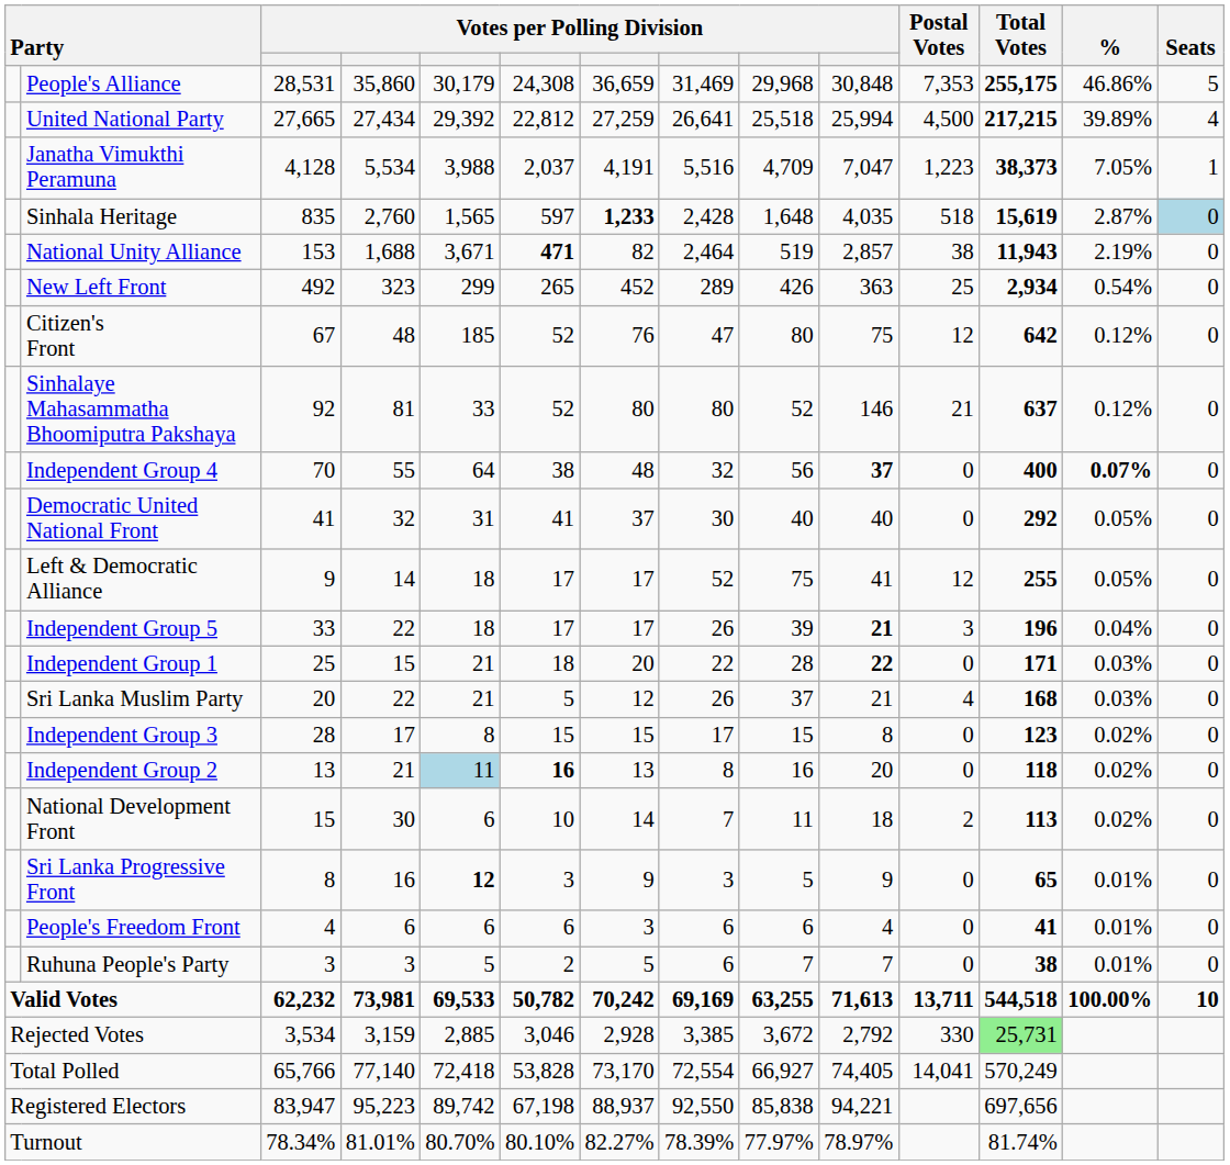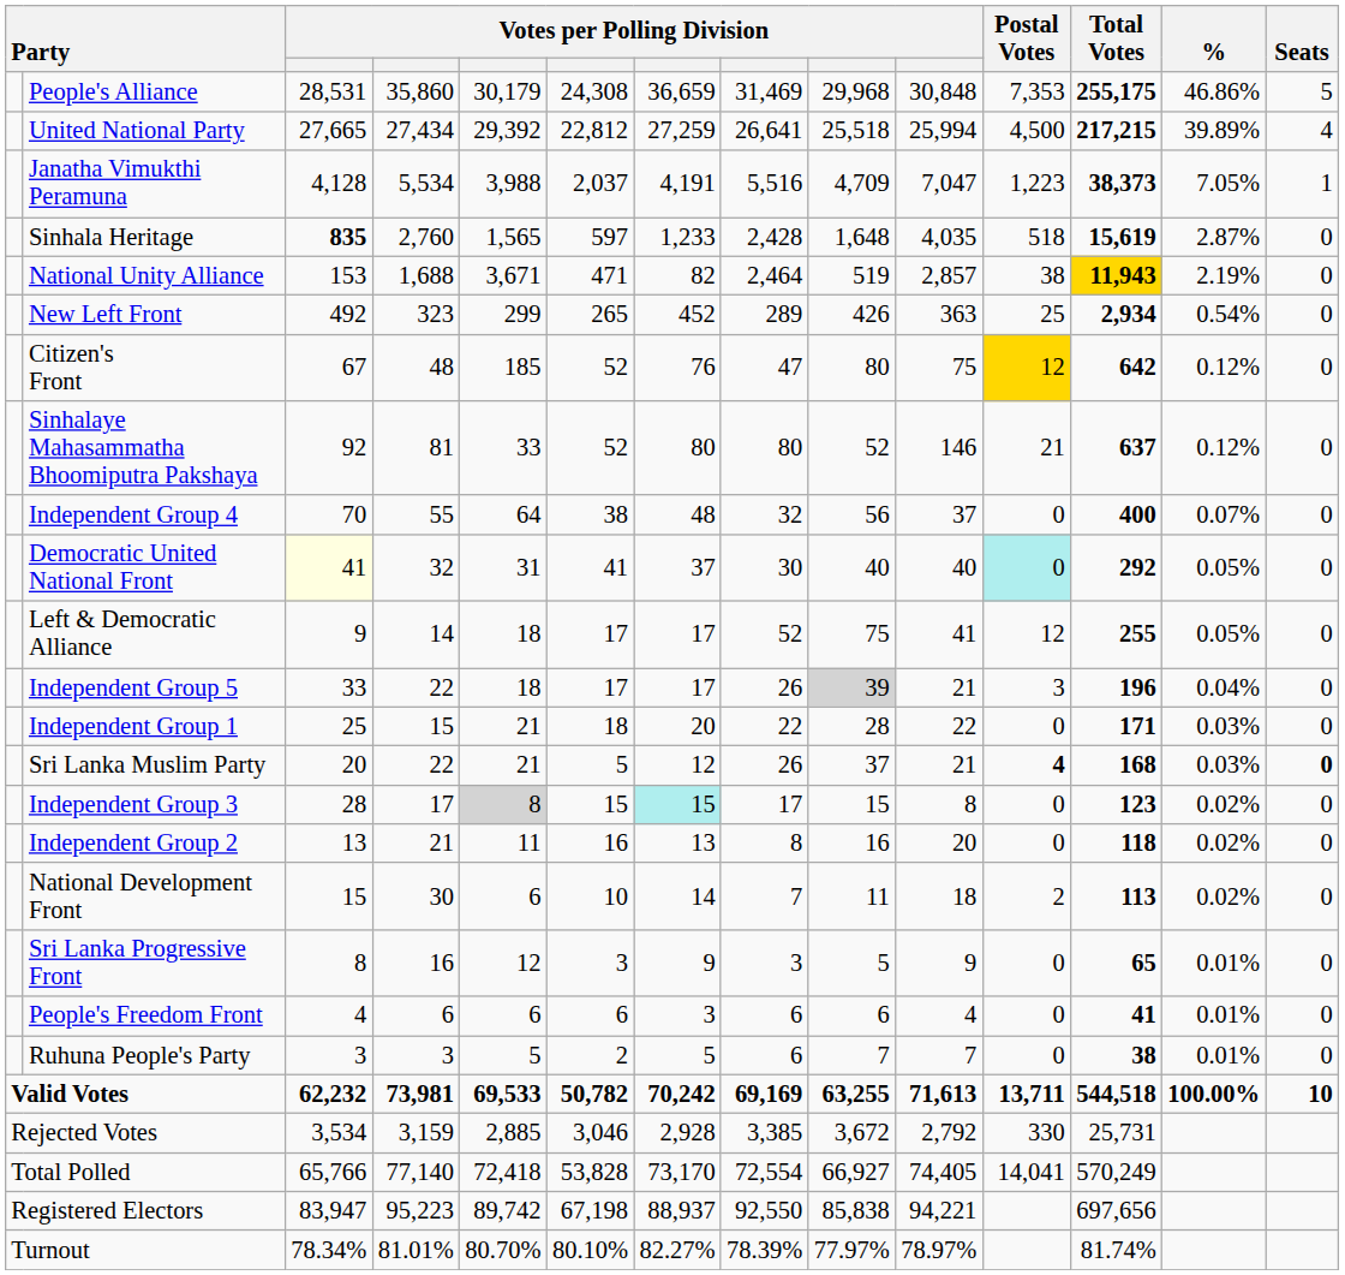 <table class="wikitable" border="1" style="text-align:right;">
 <tr>
 <th style="text-align:left; vertical-align:bottom;" rowspan="2" colspan="2">Party</th>
 <th colspan=8>Votes per Polling Division</th>
 <th rowspan="2" style="vertical-align:bottom; text-align:center; width:50px;">Postal<br>Votes</th>
 <th rowspan="2" style="vertical-align:bottom; text-align:center; width:50px;">Total Votes</th>
 <th rowspan="2" style="vertical-align:bottom; text-align:center; width:50px;">%</th>
 <th rowspan="2" style="vertical-align:bottom; text-align:center; width:40px;">Seats</th>
 </tr>
 <tr>
 <th></th>
 <th></th>
 <th></th>
 <th></th>
 <th></th>
 <th></th>
 <th></th>
 <th></th>
 </tr>
 <tr>
 <td bgcolor=> </td>
 <td align=left><a href='#'>People's Alliance</a></td>
 <td>28,531</td>
 <td>35,860</td>
 <td>30,179</td>
 <td>24,308</td>
 <td>36,659</td>
 <td>31,469</td>
 <td>29,968</td>
 <td>30,848</td>
 <td>7,353</td>
 <td><strong>255,175</strong></td>
 <td>46.86%</td>
 <td>5</td>
 </tr>
 <tr>
 <td bgcolor=> </td>
 <td align=left><a href='#'>United National Party</a></td>
 <td>27,665</td>
 <td>27,434</td>
 <td>29,392</td>
 <td>22,812</td>
 <td>27,259</td>
 <td>26,641</td>
 <td>25,518</td>
 <td>25,994</td>
 <td>4,500</td>
 <td><strong>217,215</strong></td>
 <td>39.89%</td>
 <td>4</td>
 </tr>
 <tr>
 <td bgcolor=> </td>
 <td align=left><a href='#'>Janatha Vimukthi Peramuna</a></td>
 <td>4,128</td>
 <td>5,534</td>
 <td>3,988</td>
 <td>2,037</td>
 <td>4,191</td>
 <td>5,516</td>
 <td>4,709</td>
 <td>7,047</td>
 <td>1,223</td>
 <td><strong>38,373</strong></td>
 <td>7.05%</td>
 <td>1</td>
 </tr>
 <tr>
 <td bgcolor=> </td>
 <td align=left>Sinhala Heritage</td>
-<td>835</td>
+<td><strong>835</strong></td>
 <td>2,760</td>
 <td>1,565</td>
 <td>597</td>
-<td><strong>1,233</strong></td>
+<td>1,233</td>
 <td>2,428</td>
 <td>1,648</td>
 <td>4,035</td>
 <td>518</td>
 <td><strong>15,619</strong></td>
 <td>2.87%</td>
-<td style="background: lightblue;">0</td>
+<td>0</td>
 </tr>
 <tr>
 <td bgcolor=> </td>
 <td align=left><a href='#'>National Unity Alliance</a> </td>
 <td>153</td>
 <td>1,688</td>
 <td>3,671</td>
-<td><strong>471</strong></td>
+<td>471</td>
 <td>82</td>
 <td>2,464</td>
 <td>519</td>
 <td>2,857</td>
 <td>38</td>
-<td><strong>11,943</strong></td>
+<td style="background: gold;"><strong>11,943</strong></td>
 <td>2.19%</td>
 <td>0</td>
 </tr>
 <tr>
 <td bgcolor=> </td>
 <td align=left><a href='#'>New Left Front</a></td>
 <td>492</td>
 <td>323</td>
 <td>299</td>
 <td>265</td>
 <td>452</td>
 <td>289</td>
 <td>426</td>
 <td>363</td>
 <td>25</td>
 <td><strong>2,934</strong></td>
 <td>0.54%</td>
 <td>0</td>
 </tr>
 <tr>
 <td bgcolor=> </td>
 <td align=left>Citizen's<br>Front</td>
 <td>67</td>
 <td>48</td>
 <td>185</td>
 <td>52</td>
 <td>76</td>
 <td>47</td>
 <td>80</td>
 <td>75</td>
-<td>12</td>
+<td style="background: gold;">12</td>
 <td><strong>642</strong></td>
 <td>0.12%</td>
 <td>0</td>
 </tr>
 <tr>
 <td bgcolor=> </td>
 <td align=left><a href='#'>Sinhalaye Mahasammatha Bhoomiputra Pakshaya</a></td>
 <td>92</td>
 <td>81</td>
 <td>33</td>
 <td>52</td>
 <td>80</td>
 <td>80</td>
 <td>52</td>
 <td>146</td>
 <td>21</td>
 <td><strong>637</strong></td>
 <td>0.12%</td>
 <td>0</td>
 </tr>
 <tr>
 <td bgcolor=> </td>
 <td align=left><a href='#'>Independent Group 4</a></td>
 <td>70</td>
 <td>55</td>
 <td>64</td>
 <td>38</td>
 <td>48</td>
 <td>32</td>
 <td>56</td>
-<td><strong>37</strong></td>
+<td>37</td>
 <td>0</td>
 <td><strong>400</strong></td>
-<td><strong>0.07%</strong></td>
+<td>0.07%</td>
 <td>0</td>
 </tr>
 <tr>
 <td bgcolor=> </td>
 <td align=left><a href='#'>Democratic United National Front</a></td>
-<td>41</td>
+<td style="background: lightyellow;">41</td>
 <td>32</td>
 <td>31</td>
 <td>41</td>
 <td>37</td>
 <td>30</td>
 <td>40</td>
 <td>40</td>
-<td>0</td>
+<td style="background: paleturquoise;">0</td>
 <td><strong>292</strong></td>
 <td>0.05%</td>
 <td>0</td>
 </tr>
 <tr>
 <td bgcolor=> </td>
 <td align=left>Left & Democratic Alliance</td>
 <td>9</td>
 <td>14</td>
 <td>18</td>
 <td>17</td>
 <td>17</td>
 <td>52</td>
 <td>75</td>
 <td>41</td>
 <td>12</td>
 <td><strong>255</strong></td>
 <td>0.05%</td>
 <td>0</td>
 </tr>
 <tr>
 <td bgcolor=> </td>
 <td align=left><a href='#'>Independent Group 5</a></td>
 <td>33</td>
 <td>22</td>
 <td>18</td>
 <td>17</td>
 <td>17</td>
 <td>26</td>
-<td>39</td>
-<td><strong>21</strong></td>
+<td style="background: lightgrey;">39</td>
+<td>21</td>
 <td>3</td>
 <td><strong>196</strong></td>
 <td>0.04%</td>
 <td>0</td>
 </tr>
 <tr>
 <td bgcolor=> </td>
 <td align=left><a href='#'>Independent Group 1</a></td>
 <td>25</td>
 <td>15</td>
 <td>21</td>
 <td>18</td>
 <td>20</td>
 <td>22</td>
 <td>28</td>
-<td><strong>22</strong></td>
+<td>22</td>
 <td>0</td>
 <td><strong>171</strong></td>
 <td>0.03%</td>
 <td>0</td>
 </tr>
 <tr>
 <td bgcolor=> </td>
 <td align=left>Sri Lanka Muslim Party</td>
 <td>20</td>
 <td>22</td>
 <td>21</td>
 <td>5</td>
 <td>12</td>
 <td>26</td>
 <td>37</td>
 <td>21</td>
-<td>4</td>
+<td><strong>4</strong></td>
 <td><strong>168</strong></td>
 <td>0.03%</td>
-<td>0</td>
+<td><strong>0</strong></td>
 </tr>
 <tr>
 <td bgcolor=> </td>
 <td align=left><a href='#'>Independent Group 3</a></td>
 <td>28</td>
 <td>17</td>
-<td>8</td>
+<td style="background: lightgrey;">8</td>
 <td>15</td>
-<td>15</td>
+<td style="background: paleturquoise;">15</td>
 <td>17</td>
 <td>15</td>
 <td>8</td>
 <td>0</td>
 <td><strong>123</strong></td>
 <td>0.02%</td>
 <td>0</td>
 </tr>
 <tr>
 <td bgcolor=> </td>
 <td align=left><a href='#'>Independent Group 2</a></td>
 <td>13</td>
 <td>21</td>
-<td style="background: lightblue;">11</td>
-<td><strong>16</strong></td>
+<td>11</td>
+<td>16</td>
 <td>13</td>
 <td>8</td>
 <td>16</td>
 <td>20</td>
 <td>0</td>
 <td><strong>118</strong></td>
 <td>0.02%</td>
 <td>0</td>
 </tr>
 <tr>
 <td bgcolor=> </td>
 <td align=left>National Development Front</td>
 <td>15</td>
 <td>30</td>
 <td>6</td>
 <td>10</td>
 <td>14</td>
 <td>7</td>
 <td>11</td>
 <td>18</td>
 <td>2</td>
 <td><strong>113</strong></td>
 <td>0.02%</td>
 <td>0</td>
 </tr>
 <tr>
 <td bgcolor=> </td>
 <td align=left><a href='#'>Sri Lanka Progressive Front</a></td>
 <td>8</td>
 <td>16</td>
-<td><strong>12</strong></td>
+<td>12</td>
 <td>3</td>
 <td>9</td>
 <td>3</td>
 <td>5</td>
 <td>9</td>
 <td>0</td>
 <td><strong>65</strong></td>
 <td>0.01%</td>
 <td>0</td>
 </tr>
 <tr>
 <td bgcolor=> </td>
 <td align=left><a href='#'>People's Freedom Front</a></td>
 <td>4</td>
 <td>6</td>
 <td>6</td>
 <td>6</td>
 <td>3</td>
 <td>6</td>
 <td>6</td>
 <td>4</td>
 <td>0</td>
 <td><strong>41</strong></td>
 <td>0.01%</td>
 <td>0</td>
 </tr>
 <tr>
 <td bgcolor=> </td>
 <td align=left>Ruhuna People's Party</td>
 <td>3</td>
 <td>3</td>
 <td>5</td>
 <td>2</td>
 <td>5</td>
 <td>6</td>
 <td>7</td>
 <td>7</td>
 <td>0</td>
 <td><strong>38</strong></td>
 <td>0.01%</td>
 <td>0</td>
 </tr>
 <tr>
 <td align=left colspan="2"><strong>Valid Votes</strong></td>
 <td><strong>62,232</strong></td>
 <td><strong>73,981</strong></td>
 <td><strong>69,533</strong></td>
 <td><strong>50,782</strong></td>
 <td><strong>70,242</strong></td>
 <td><strong>69,169</strong></td>
 <td><strong>63,255</strong></td>
 <td><strong>71,613</strong></td>
 <td><strong>13,711</strong></td>
 <td><strong>544,518</strong></td>
 <td><strong>100.00%</strong></td>
 <td><strong>10</strong></td>
 </tr>
 <tr>
 <td align=left colspan="2">Rejected Votes</td>
 <td>3,534</td>
 <td>3,159</td>
 <td>2,885</td>
 <td>3,046</td>
 <td>2,928</td>
 <td>3,385</td>
 <td>3,672</td>
 <td>2,792</td>
 <td>330</td>
-<td style="background: lightgreen;">25,731</td>
+<td>25,731</td>
 <td></td>
 <td></td>
 </tr>
 <tr>
 <td align=left colspan="2">Total Polled</td>
 <td>65,766</td>
 <td>77,140</td>
 <td>72,418</td>
 <td>53,828</td>
 <td>73,170</td>
 <td>72,554</td>
 <td>66,927</td>
 <td>74,405</td>
 <td>14,041</td>
 <td>570,249</td>
 <td></td>
 <td></td>
 </tr>
 <tr>
 <td align=left colspan="2">Registered Electors</td>
 <td>83,947</td>
 <td>95,223</td>
 <td>89,742</td>
 <td>67,198</td>
 <td>88,937</td>
 <td>92,550</td>
 <td>85,838</td>
 <td>94,221</td>
 <td></td>
 <td>697,656</td>
 <td></td>
 <td></td>
 </tr>
 <tr>
 <td align=left colspan="2">Turnout</td>
 <td>78.34%</td>
 <td>81.01%</td>
 <td>80.70%</td>
 <td>80.10%</td>
 <td>82.27%</td>
 <td>78.39%</td>
 <td>77.97%</td>
 <td>78.97%</td>
 <td></td>
 <td>81.74%</td>
 <td></td>
 <td></td>
 </tr>
 </table>
